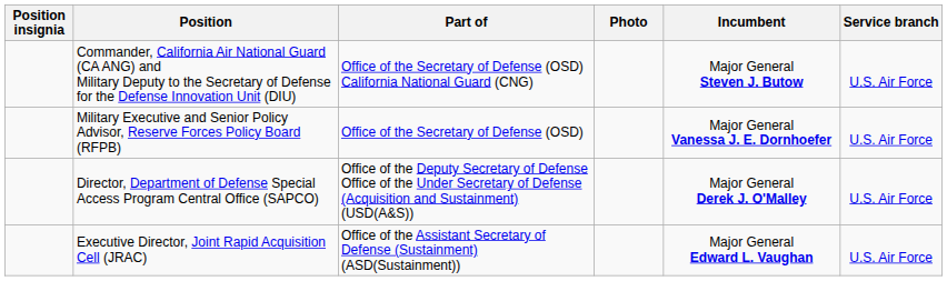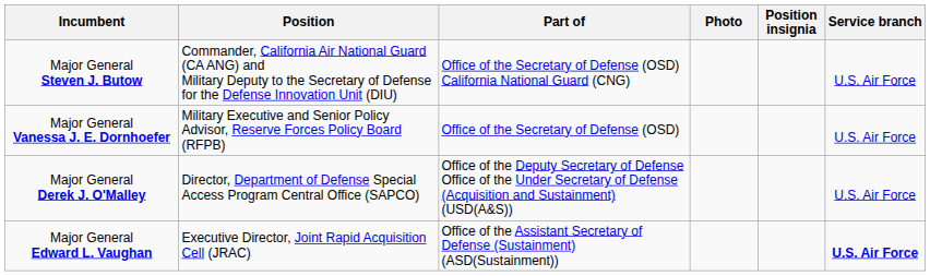 <table class="wikitable">
 <tr>
-<th width="75" style="text-align:center">Position insignia</th>
+<th width="205" style="text-align:center">Incumbent</th>
 <th width="310" style="text-align:center">Position</th>
 <th width="300" style="text-align:center">Part of</th>
 <th width="75" style="text-align:center">Photo</th>
-<th width="205" style="text-align:center">Incumbent</th>
+<th width="75" style="text-align:center">Position insignia</th>
 <th width="115" style="text-align:center">Service branch</th>
 </tr>
 <tr>
-<td> </td>
+<td style="text-align:center">Major General<br><strong><a href='#'>Steven J. Butow</a></strong></td>
 <td>Commander, <a href='#'>California Air National Guard</a> (CA ANG) and<br>Military Deputy to the Secretary of Defense for the <a href='#'>Defense Innovation Unit</a> (DIU)</td>
 <td> <a href='#'>Office of the Secretary of Defense</a> (OSD)<br> <a href='#'>California National Guard</a> (CNG)</td>
 <td></td>
-<td style="text-align:center">Major General<br><strong><a href='#'>Steven J. Butow</a></strong></td>
+<td> </td>
 <td style="text-align:center"><br><a href='#'>U.S. Air Force</a></td>
 </tr>
 <tr>
-<td></td>
+<td style="text-align:center">Major General<br><strong><a href='#'>Vanessa J. E. Dornhoefer</a></strong></td>
 <td>Military Executive and Senior Policy Advisor, <a href='#'>Reserve Forces Policy Board</a> (RFPB)</td>
 <td> <a href='#'>Office of the Secretary of Defense</a> (OSD)</td>
 <td></td>
-<td style="text-align:center">Major General<br><strong><a href='#'>Vanessa J. E. Dornhoefer</a></strong></td>
+<td></td>
 <td style="text-align:center"><br><a href='#'>U.S. Air Force</a></td>
 </tr>
 <tr>
-<td></td>
+<td style="text-align:center">Major General<br><strong><a href='#'>Derek J. O'Malley</a></strong></td>
 <td>Director, <a href='#'>Department of Defense</a> Special Access Program Central Office (SAPCO)</td>
 <td> Office of the <a href='#'>Deputy Secretary of Defense</a><br> Office of the <a href='#'>Under Secretary of Defense (Acquisition and Sustainment)</a> (USD(A&S))</td>
 <td></td>
-<td style="text-align:center">Major General<br><strong><a href='#'>Derek J. O'Malley</a></strong></td>
+<td></td>
 <td style="text-align:center"><br><a href='#'>U.S. Air Force</a></td>
 </tr>
 <tr>
-<td></td>
+<td style="text-align:center">Major General<br><strong><a href='#'>Edward L. Vaughan</a></strong></td>
 <td>Executive Director, <a href='#'>Joint Rapid Acquisition Cell</a> (JRAC)</td>
 <td> Office of the <a href='#'>Assistant Secretary of Defense (Sustainment)</a> (ASD(Sustainment))</td>
 <td></td>
-<td style="text-align:center">Major General<br><strong><a href='#'>Edward L. Vaughan</a></strong></td>
-<td style="text-align:center"><br><a href='#'>U.S. Air Force</a></td>
+<td></td>
+<td style="text-align:center"><strong><br><a href='#'>U.S. Air Force</a></strong></td>
 </tr>
 </table>
